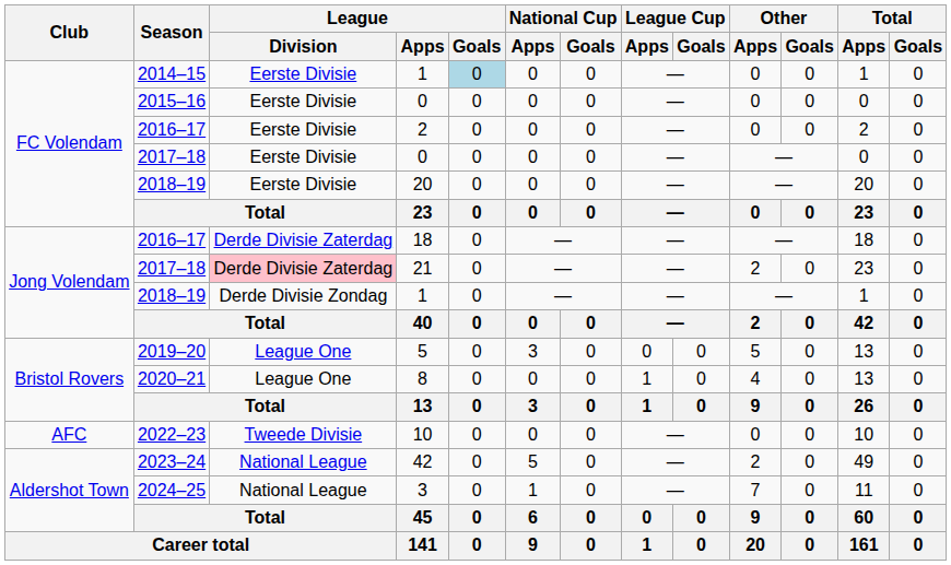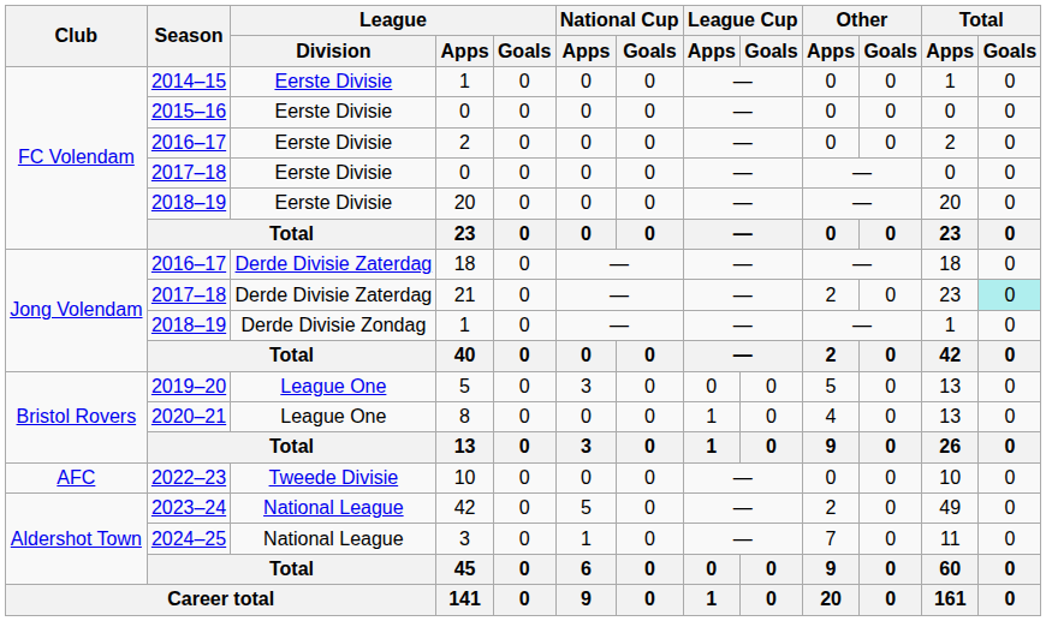 <table class=wikitable style="text-align: center">
 <tr>
 <th rowspan=2>Club</th>
 <th rowspan=2>Season</th>
 <th colspan=3>League</th>
 <th colspan=2>National Cup</th>
 <th colspan=2>League Cup</th>
 <th colspan=2>Other</th>
 <th colspan=2>Total</th>
 </tr>
 <tr>
 <th>Division</th>
 <th>Apps</th>
 <th>Goals</th>
 <th>Apps</th>
 <th>Goals</th>
 <th>Apps</th>
 <th>Goals</th>
 <th>Apps</th>
 <th>Goals</th>
 <th>Apps</th>
 <th>Goals</th>
 </tr>
 <tr>
 <td rowspan=6><a href='#'>FC Volendam</a></td>
 <td><a href='#'>2014–15</a></td>
 <td><a href='#'>Eerste Divisie</a></td>
 <td>1</td>
-<td style="background: lightblue;">0</td>
+<td>0</td>
 <td>0</td>
 <td>0</td>
 <td colspan=2>—</td>
 <td>0</td>
 <td>0</td>
 <td>1</td>
 <td>0</td>
 </tr>
 <tr>
 <td><a href='#'>2015–16</a></td>
 <td>Eerste Divisie</td>
 <td>0</td>
 <td>0</td>
 <td>0</td>
 <td>0</td>
 <td colspan=2>—</td>
 <td>0</td>
 <td>0</td>
 <td>0</td>
 <td>0</td>
 </tr>
 <tr>
 <td><a href='#'>2016–17</a></td>
 <td>Eerste Divisie</td>
 <td>2</td>
 <td>0</td>
 <td>0</td>
 <td>0</td>
 <td colspan=2>—</td>
 <td>0</td>
 <td>0</td>
 <td>2</td>
 <td>0</td>
 </tr>
 <tr>
 <td><a href='#'>2017–18</a></td>
 <td>Eerste Divisie</td>
 <td>0</td>
 <td>0</td>
 <td>0</td>
 <td>0</td>
 <td colspan=2>—</td>
 <td colspan=2>—</td>
 <td>0</td>
 <td>0</td>
 </tr>
 <tr>
 <td><a href='#'>2018–19</a></td>
 <td>Eerste Divisie</td>
 <td>20</td>
 <td>0</td>
 <td>0</td>
 <td>0</td>
 <td colspan=2>—</td>
 <td colspan=2>—</td>
 <td>20</td>
 <td>0</td>
 </tr>
 <tr>
 <th colspan=2>Total</th>
 <th>23</th>
 <th>0</th>
 <th>0</th>
 <th>0</th>
 <th colspan=2>—</th>
 <th>0</th>
 <th>0</th>
 <th>23</th>
 <th>0</th>
 </tr>
 <tr>
 <td rowspan=4><a href='#'>Jong Volendam</a></td>
 <td><a href='#'>2016–17</a></td>
 <td><a href='#'>Derde Divisie Zaterdag</a></td>
 <td>18</td>
 <td>0</td>
 <td colspan=2>—</td>
 <td colspan=2>—</td>
 <td colspan=2>—</td>
 <td>18</td>
 <td>0</td>
 </tr>
 <tr>
 <td><a href='#'>2017–18</a></td>
-<td style="background: pink;">Derde Divisie Zaterdag</td>
+<td>Derde Divisie Zaterdag</td>
 <td>21</td>
 <td>0</td>
 <td colspan=2>—</td>
 <td colspan=2>—</td>
 <td>2</td>
 <td>0</td>
 <td>23</td>
-<td>0</td>
+<td style="background: paleturquoise;">0</td>
 </tr>
 <tr>
 <td><a href='#'>2018–19</a></td>
 <td>Derde Divisie Zondag</td>
 <td>1</td>
 <td>0</td>
 <td colspan=2>—</td>
 <td colspan=2>—</td>
 <td colspan=2>—</td>
 <td>1</td>
 <td>0</td>
 </tr>
 <tr>
 <th colspan=2>Total</th>
 <th>40</th>
 <th>0</th>
 <th>0</th>
 <th>0</th>
 <th colspan=2>—</th>
 <th>2</th>
 <th>0</th>
 <th>42</th>
 <th>0</th>
 </tr>
 <tr>
 <td rowspan=3><a href='#'>Bristol Rovers</a></td>
 <td><a href='#'>2019–20</a></td>
 <td><a href='#'>League One</a></td>
 <td>5</td>
 <td>0</td>
 <td>3</td>
 <td>0</td>
 <td>0</td>
 <td>0</td>
 <td>5</td>
 <td>0</td>
 <td>13</td>
 <td>0</td>
 </tr>
 <tr>
 <td><a href='#'>2020–21</a></td>
 <td>League One</td>
 <td>8</td>
 <td>0</td>
 <td>0</td>
 <td>0</td>
 <td>1</td>
 <td>0</td>
 <td>4</td>
 <td>0</td>
 <td>13</td>
 <td>0</td>
 </tr>
 <tr>
 <th colspan=2>Total</th>
 <th>13</th>
 <th>0</th>
 <th>3</th>
 <th>0</th>
 <th>1</th>
 <th>0</th>
 <th>9</th>
 <th>0</th>
 <th>26</th>
 <th>0</th>
 </tr>
 <tr>
 <td><a href='#'>AFC</a></td>
 <td><a href='#'>2022–23</a></td>
 <td><a href='#'>Tweede Divisie</a></td>
 <td>10</td>
 <td>0</td>
 <td>0</td>
 <td>0</td>
 <td colspan="2">—</td>
 <td>0</td>
 <td>0</td>
 <td>10</td>
 <td>0</td>
 </tr>
 <tr>
 <td rowspan="3"><a href='#'>Aldershot Town</a></td>
 <td><a href='#'>2023–24</a></td>
 <td><a href='#'>National League</a></td>
 <td>42</td>
 <td>0</td>
 <td>5</td>
 <td>0</td>
 <td colspan="2">—</td>
 <td>2</td>
 <td>0</td>
 <td>49</td>
 <td>0</td>
 </tr>
 <tr>
 <td><a href='#'>2024–25</a></td>
 <td>National League</td>
 <td>3</td>
 <td>0</td>
 <td>1</td>
 <td>0</td>
 <td colspan="2">—</td>
 <td>7</td>
 <td>0</td>
 <td>11</td>
 <td>0</td>
 </tr>
 <tr>
 <th colspan="2">Total</th>
 <th>45</th>
 <th>0</th>
 <th>6</th>
 <th>0</th>
 <th>0</th>
 <th>0</th>
 <th>9</th>
 <th>0</th>
 <th>60</th>
 <th>0</th>
 </tr>
 <tr>
 <th colspan=3>Career total</th>
 <th>141</th>
 <th>0</th>
 <th>9</th>
 <th>0</th>
 <th>1</th>
 <th>0</th>
 <th>20</th>
 <th>0</th>
 <th>161</th>
 <th>0</th>
 </tr>
 </table>
